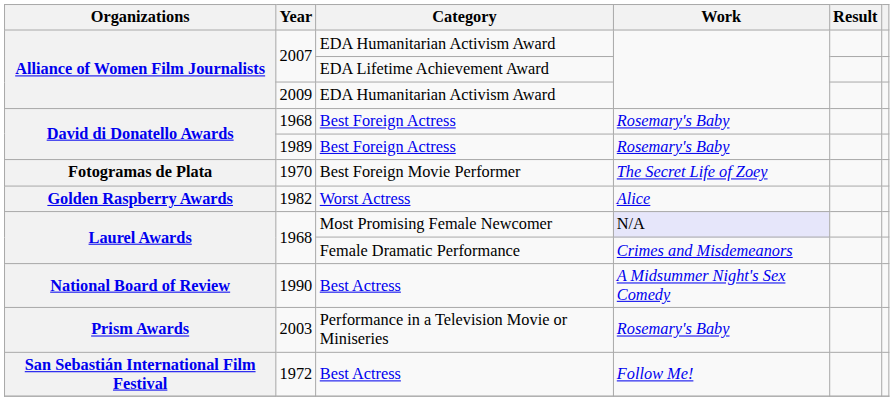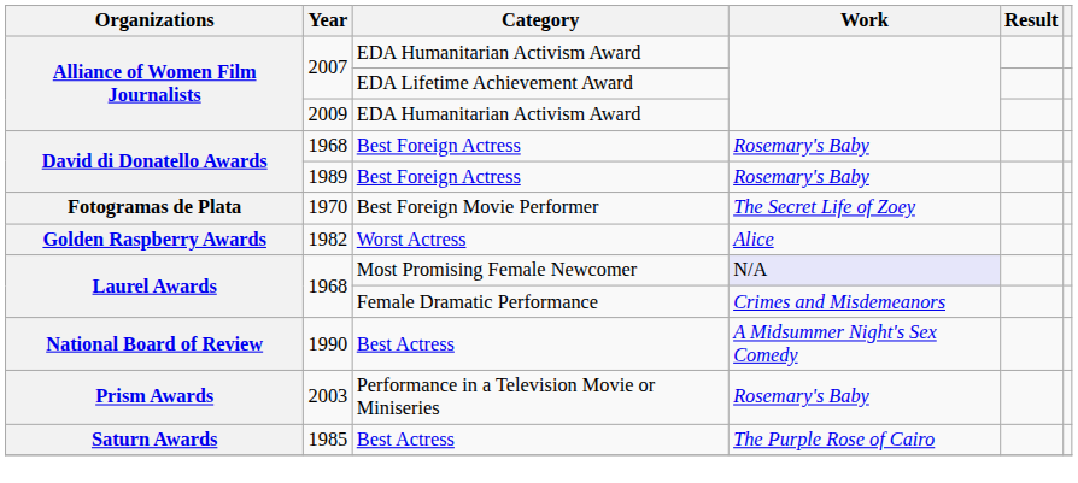 <table class= "wikitable plainrowheaders sortable">
 <tr>
 <th>Organizations</th>
 <th scope="col">Year</th>
 <th scope="col">Category</th>
 <th scope="col">Work</th>
 <th scope="col">Result</th>
 <th scope="col" class="unsortable"></th>
 </tr>
 <tr>
 <th rowspan="3" scope="row"><a href='#'>Alliance of Women Film Journalists</a></th>
 <td style="text-align:center;" rowspan="2">2007</td>
 <td>EDA Humanitarian Activism Award</td>
 <td style="text-align:center;" rowspan="3" style="background:#E6E6FA;"></td>
 <td></td>
 <td style="text-align:center;"></td>
 </tr>
 <tr>
 <td>EDA Lifetime Achievement Award</td>
 <td></td>
 <td style="text-align:center;"></td>
 </tr>
 <tr>
 <td style="text-align:center;">2009</td>
 <td>EDA Humanitarian Activism Award</td>
 <td></td>
 <td style="text-align:center;"></td>
 </tr>
 <tr>
 <th rowspan="2" scope="row"><a href='#'>David di Donatello Awards</a></th>
 <td style="text-align:center;">1968</td>
 <td><a href='#'>Best Foreign Actress</a></td>
 <td style="text-align:left;"><em><a href='#'>Rosemary's Baby</a></em></td>
 <td></td>
 <td style="text-align:center;"></td>
 </tr>
 <tr>
 <td style="text-align:center;">1989</td>
 <td><a href='#'>Best Foreign Actress</a></td>
 <td><em><a href='#'>Rosemary's Baby</a></em></td>
 <td></td>
 <td style="text-align:center;"></td>
 </tr>
 <tr>
 <th rowspan="1" scope="row">Fotogramas de Plata</th>
 <td style="text-align:center;">1970</td>
 <td>Best Foreign Movie Performer</td>
 <td><em><a href='#'>The Secret Life of Zoey</a></em></td>
 <td></td>
 <td style="text-align:center;"></td>
 </tr>
 <tr>
 <th rowspan="1" scope="row"><a href='#'>Golden Raspberry Awards</a></th>
 <td style="text-align:center;">1982</td>
 <td><a href='#'>Worst Actress</a></td>
 <td><em><a href='#'>Alice</a></em></td>
 <td></td>
 <td style="text-align:center;"></td>
 </tr>
 <tr>
 <th rowspan="2" scope="row"><a href='#'>Laurel Awards</a></th>
 <td style="text-align:center;" rowspan="2">1968</td>
 <td>Most Promising Female Newcomer</td>
 <td style="background:#E6E6FA;">N/A</td>
 <td></td>
 <td style="text-align:center"></td>
 </tr>
 <tr>
 <td>Female Dramatic Performance</td>
 <td style="text-align:left;"><em><a href='#'>Crimes and Misdemeanors</a></em></td>
 <td></td>
 <td style="text-align:center"></td>
 </tr>
 <tr>
 <th rowspan="1" scope="row"><a href='#'>National Board of Review</a></th>
 <td style="text-align:center;">1990</td>
 <td><a href='#'>Best Actress</a></td>
 <td><em><a href='#'>A Midsummer Night's Sex Comedy</a></em></td>
 <td></td>
 <td style="text-align:center"></td>
 </tr>
 <tr>
 <th rowspan="1" scope="row"><a href='#'>Prism Awards</a></th>
 <td style="text-align:center;">2003</td>
 <td>Performance in a Television Movie or Miniseries</td>
 <td><em><a href='#'>Rosemary's Baby</a></em></td>
 <td></td>
 <td style="text-align:center"></td>
 </tr>
 <tr>
-<th rowspan="1" scope="row"><a href='#'>San Sebastián International Film Festival</a></th>
-<td style="text-align:center;">1972</td>
+<th rowspan="1" scope="row"><a href='#'>Saturn Awards</a></th>
+<td style="text-align:center;">1985</td>
 <td><a href='#'>Best Actress</a></td>
-<td><em><a href='#'>Follow Me!</a></em></td>
+<td><em><a href='#'>The Purple Rose of Cairo</a></em></td>
 <td></td>
 <td style="text-align:center"></td>
 </tr>
 <tr>
 </tr>
 </table>
